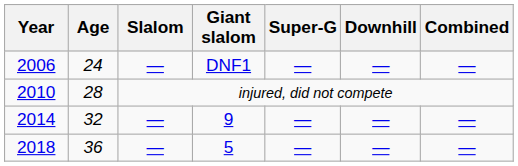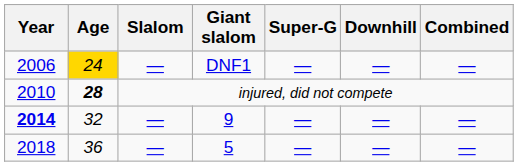 <table class=wikitable style="text-align:center">
 <tr>
 <th>  Year  </th>
 <th> Age </th>
 <th> Slalom </th>
 <th> Giant <br> slalom </th>
 <th>Super-G</th>
 <th>Downhill</th>
 <th>Combined</th>
 </tr>
 <tr>
 <td><a href='#'>2006</a></td>
-<td><em>24</em></td>
+<td style="background: gold;"><em>24</em></td>
 <td><a href='#'>—</a></td>
 <td><a href='#'>DNF1</a></td>
 <td><a href='#'>—</a></td>
 <td><a href='#'>—</a></td>
 <td><a href='#'>—</a></td>
 </tr>
 <tr>
 <td><a href='#'>2010</a></td>
-<td><em>28</em></td>
+<td><strong><em>28</em></strong></td>
 <td colspan=5><small><em>injured, did not compete</em></small></td>
 </tr>
 <tr>
-<td><a href='#'>2014</a></td>
+<td><strong><a href='#'>2014</a></strong></td>
 <td><em>32</em></td>
 <td><a href='#'>—</a></td>
 <td><a href='#'>9</a></td>
 <td><a href='#'>—</a></td>
 <td><a href='#'>—</a></td>
 <td><a href='#'>—</a></td>
 </tr>
 <tr>
 <td><a href='#'>2018</a></td>
 <td><em>36</em></td>
 <td><a href='#'>—</a></td>
 <td><a href='#'>5</a></td>
 <td><a href='#'>—</a></td>
 <td><a href='#'>—</a></td>
 <td><a href='#'>—</a></td>
 </tr>
 </table>
